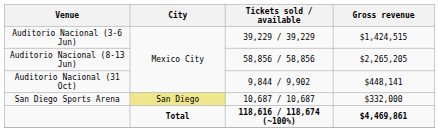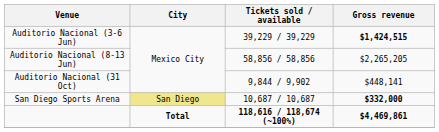 <table class="wikitable">
 <tr>
 <th width="200" rowspan="1">Venue</th>
 <th width="150" rowspan="1">City</th>
 <th width="170" rowspan="1">Tickets sold / available</th>
 <th width="160" rowspan="1">Gross revenue</th>
 </tr>
 <tr>
 <td align="center">Auditorio Nacional (3-6 Jun)</td>
 <td rowspan="3" align="center">Mexico City</td>
 <td align="center">39,229 / 39,229</td>
-<td align="center">$1,424,515</td>
+<td align="center"><strong>$1,424,515</strong></td>
 </tr>
 <tr>
 <td align="center">Auditorio Nacional (8-13 Jun)</td>
 <td align="center">58,856 / 58,856</td>
 <td align="center">$2,265,205</td>
 </tr>
 <tr>
 <td align="center">Auditorio Nacional (31 Oct)</td>
 <td align="center">9,844 / 9,902</td>
 <td align="center">$448,141</td>
 </tr>
 <tr>
 <td align="center">San Diego Sports Arena</td>
 <td align="center" style="background: khaki;">San Diego</td>
 <td align="center">10,687 / 10,687</td>
-<td align="center">$332,000</td>
+<td align="center"><strong>$332,000</strong></td>
 </tr>
 <tr>
 <td align="center"></td>
 <td align="center"><strong>Total</strong></td>
 <td align="center"><strong>118,616 / 118,674 (~100%)</strong></td>
 <td align="center"><strong>$4,469,861</strong></td>
 </tr>
 <tr>
 </tr>
 </table>
